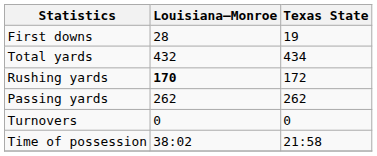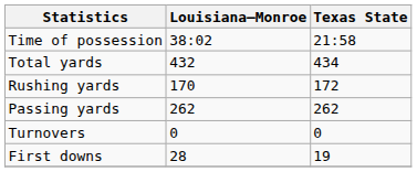 <table class="wikitable">
 <tr>
 <th>Statistics</th>
 <th>Louisiana–Monroe</th>
 <th>Texas State</th>
 </tr>
 <tr>
-<td>First downs</td>
-<td>28</td>
-<td>19</td>
+<td>Time of possession</td>
+<td>38:02</td>
+<td>21:58</td>
 </tr>
 <tr>
 <td>Total yards</td>
 <td>432</td>
 <td>434</td>
 </tr>
 <tr>
 <td>Rushing yards</td>
-<td><strong>170</strong></td>
+<td>170</td>
 <td>172</td>
 </tr>
 <tr>
 <td>Passing yards</td>
 <td>262</td>
 <td>262</td>
 </tr>
 <tr>
 <td>Turnovers</td>
 <td>0</td>
 <td>0</td>
 </tr>
 <tr>
-<td>Time of possession</td>
-<td>38:02</td>
-<td>21:58</td>
+<td>First downs</td>
+<td>28</td>
+<td>19</td>
 </tr>
 <tr>
 </tr>
 </table>
